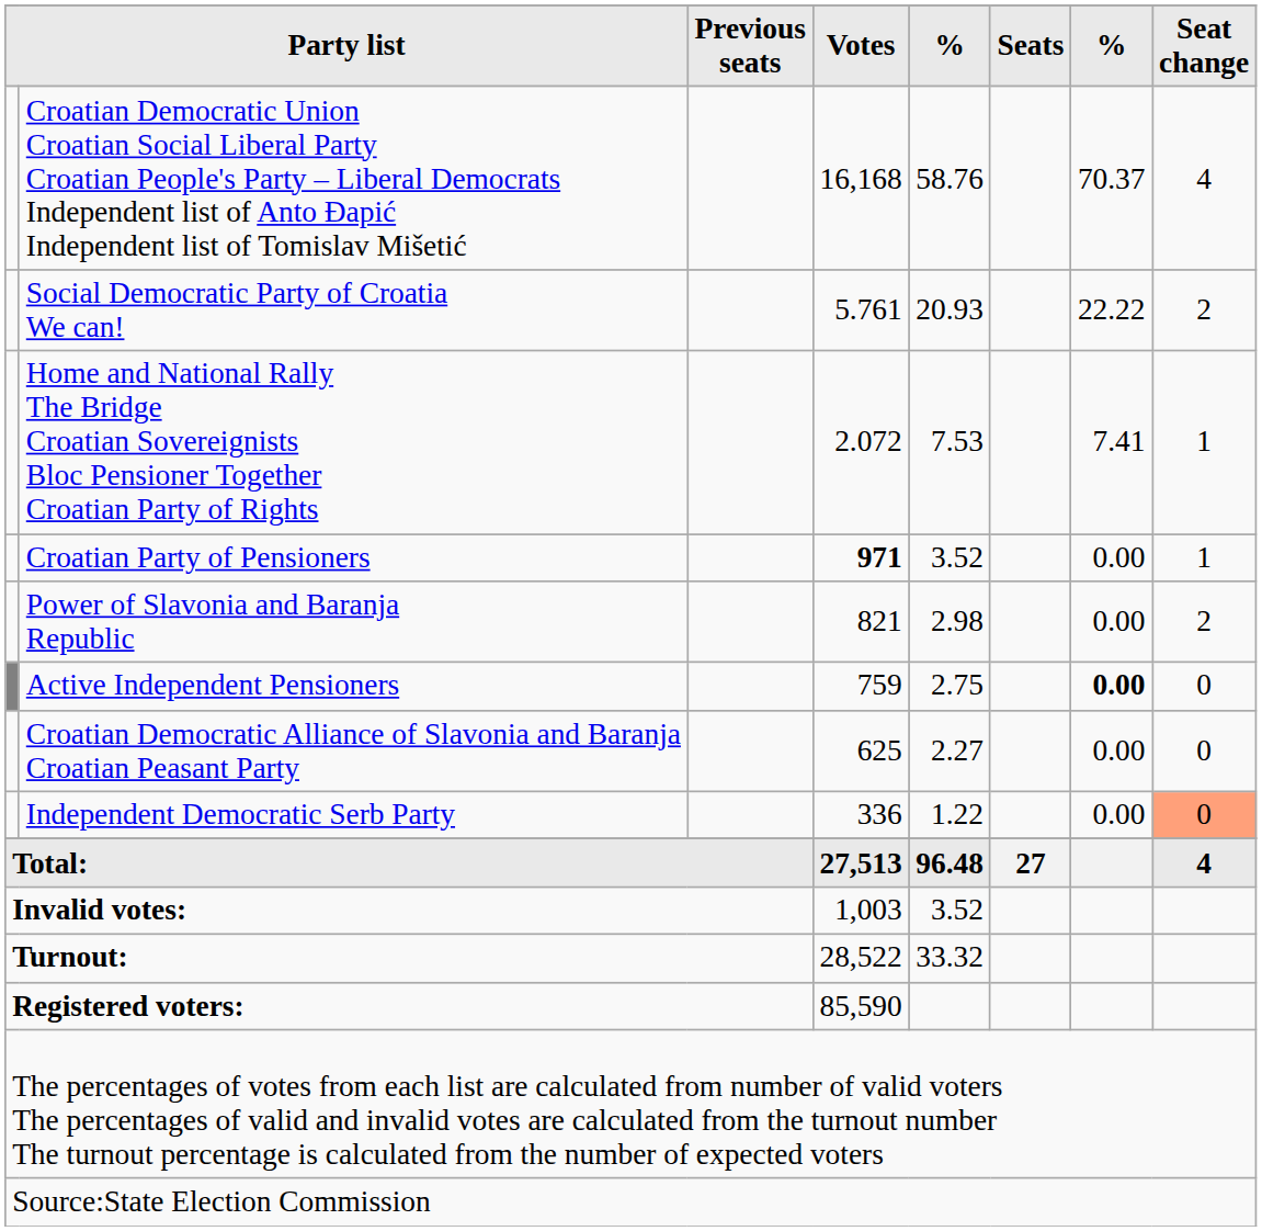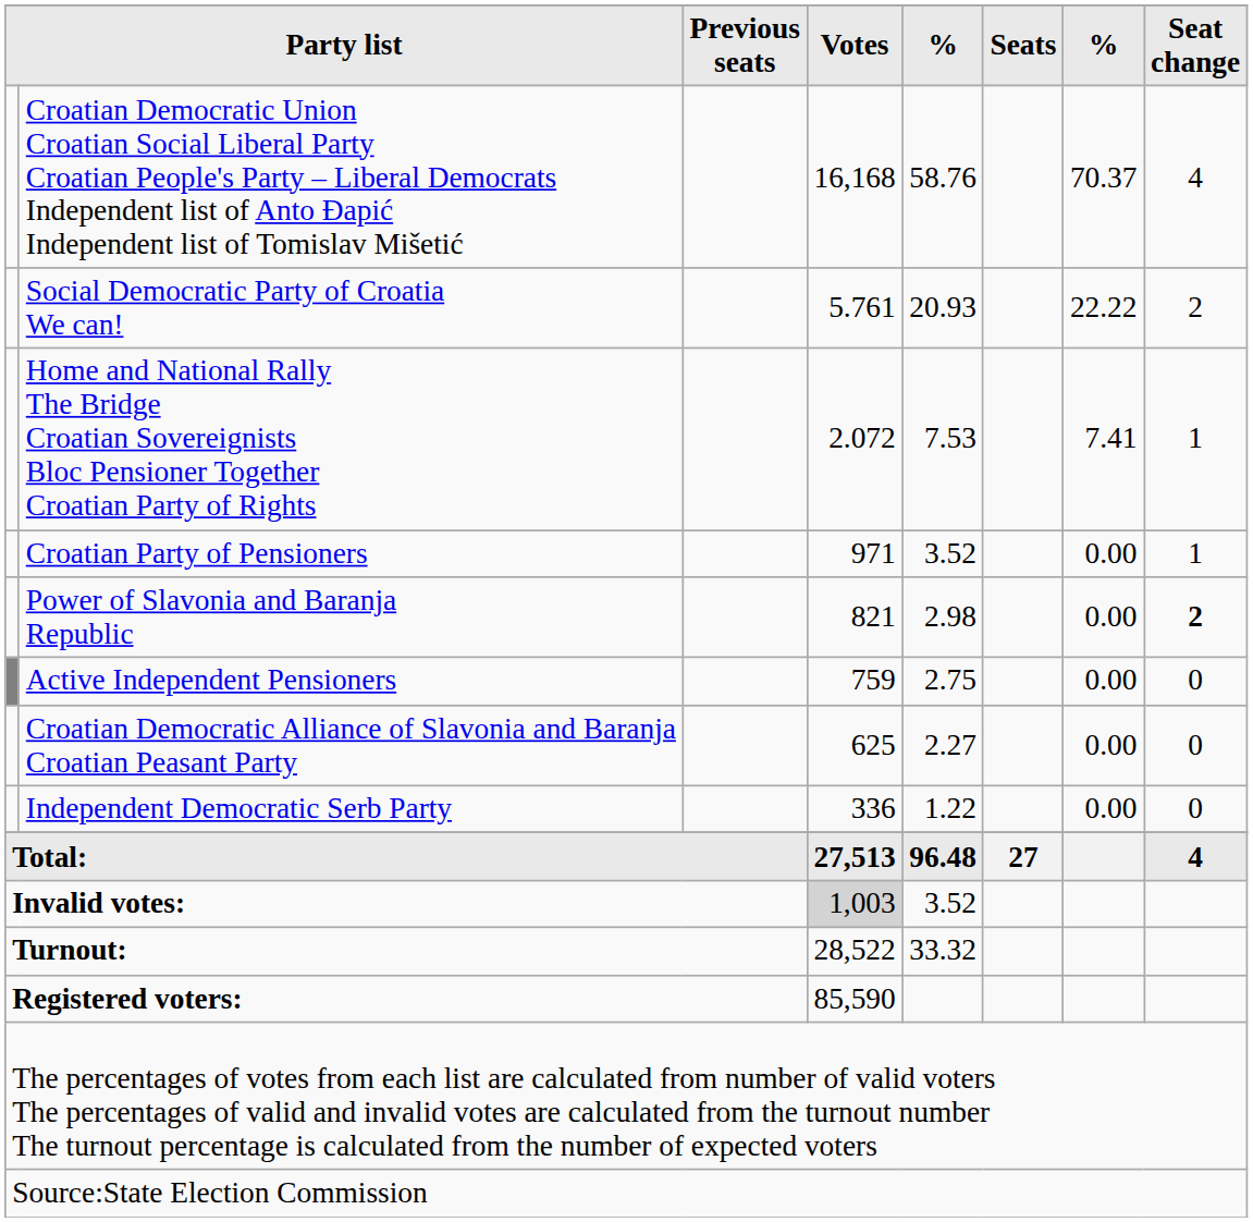 <table class="wikitable" border="1">
 <tr>
 </tr>
 <tr style="background-color:#C9C9C9">
 <th style="background-color:#E9E9E9" align= center colspan="2">Party list</th>
 <th style="background-color:#E9E9E9" align= center>Previous<br>seats</th>
 <th style="background-color:#E9E9E9" align= center>Votes</th>
 <th style="background-color:#E9E9E9" align= center>%</th>
 <th style="background-color:#E9E9E9" align= center>Seats</th>
 <th style="background-color:#E9E9E9" align= center>%</th>
 <th style="background-color:#E9E9E9" align= center>Seat<br>change</th>
 </tr>
 <tr>
 <td></td>
 <td align="left"><a href='#'>Croatian Democratic Union</a><br><a href='#'>Croatian Social Liberal Party</a><br><a href='#'>Croatian People's Party – Liberal Democrats</a><br>Independent list of <a href='#'>Anto Đapić</a><br>Independent list of Tomislav Mišetić</td>
 <td align="left"></td>
 <td align="right">16,168</td>
 <td align="right">58.76</td>
 <td align="left"></td>
 <td align="right">70.37</td>
 <td align="center"> 4</td>
 </tr>
 <tr>
 <td></td>
 <td align="left"><a href='#'>Social Democratic Party of Croatia</a><br><a href='#'>We can!</a></td>
 <td align="left"></td>
 <td align="right">5.761</td>
 <td align="right">20.93</td>
 <td align="left"></td>
 <td align="right">22.22</td>
 <td align="center"> 2</td>
 </tr>
 <tr>
 <td></td>
 <td align="left"><a href='#'>Home and National Rally</a><br><a href='#'>The Bridge</a><br><a href='#'>Croatian Sovereignists</a><br><a href='#'>Bloc Pensioner Together</a><br><a href='#'>Croatian Party of Rights</a></td>
 <td align="left"></td>
 <td align="right">2.072</td>
 <td align="right">7.53</td>
 <td align="left"></td>
 <td align="right">7.41</td>
 <td align="center"> 1</td>
 </tr>
 <tr>
 <td></td>
 <td align="left"><a href='#'>Croatian Party of Pensioners</a></td>
 <td align="left"></td>
-<td align="right"><strong>971</strong></td>
+<td align="right">971</td>
 <td align="right">3.52</td>
 <td align="left"></td>
 <td align="right">0.00</td>
 <td align="center"> 1</td>
 </tr>
 <tr>
 <td></td>
 <td align="left"><a href='#'>Power of Slavonia and Baranja</a><br><a href='#'>Republic</a></td>
 <td align="left"></td>
 <td align="right">821</td>
 <td align="right">2.98</td>
 <td align="left"></td>
 <td align="right">0.00</td>
-<td align="center"> 2</td>
+<td align="center"><strong> 2</strong></td>
 </tr>
 <tr>
 <td bgcolor="grey"></td>
 <td align="left"><a href='#'>Active Independent Pensioners</a></td>
 <td align="left"></td>
 <td align="right">759</td>
 <td align="right">2.75</td>
 <td align="left"></td>
-<td align="right"><strong>0.00</strong></td>
+<td align="right">0.00</td>
 <td align="center"> 0</td>
 </tr>
 <tr>
 <td></td>
 <td align="left"><a href='#'>Croatian Democratic Alliance of Slavonia and Baranja</a><br><a href='#'>Croatian Peasant Party</a></td>
 <td align="left"></td>
 <td align="right">625</td>
 <td align="right">2.27</td>
 <td align="left"></td>
 <td align="right">0.00</td>
 <td align="center"> 0</td>
 </tr>
 <tr>
 <td></td>
 <td align="left"><a href='#'>Independent Democratic Serb Party</a></td>
 <td align="left"></td>
 <td align="right">336</td>
 <td align="right">1.22</td>
 <td align="left"></td>
 <td align="right">0.00</td>
-<td align="center" style="background: lightsalmon;"> 0</td>
+<td align="center"> 0</td>
 </tr>
 <tr>
 </tr>
 <tr style="background-color:#E9E9E9">
 <td colspan="3" align="left"><strong>Total:</strong></td>
 <td align="right"><strong>27,513</strong></td>
 <td align="right"><strong>96.48</strong></td>
 <th align="right">27</th>
 <th align="right"></th>
 <td align="center"><strong> 4</strong></td>
 </tr>
 <tr>
 <td colspan="3" align="left"><strong>Invalid votes:</strong></td>
-<td align="right">1,003</td>
+<td align="right" style="background: lightgrey;">1,003</td>
 <td align="right">3.52</td>
 <td align="right"></td>
 <td align="right"></td>
 <td></td>
 </tr>
 <tr>
 <td colspan="3" align="left"><strong>Turnout:</strong></td>
 <td align="right">28,522</td>
 <td align="right">33.32</td>
 <td align="right"></td>
 <td align="right"></td>
 <td></td>
 </tr>
 <tr>
 <td colspan="3" align="left"><strong>Registered voters:</strong></td>
 <td align="right">85,590</td>
 <td align="right"></td>
 <td align="right"></td>
 <td align="right"></td>
 <td></td>
 </tr>
 <tr>
 <td colspan="8" align="left"><br>The percentages of votes from each list are calculated from number of valid voters<br> The percentages of valid and invalid votes are calculated from the turnout number<br> The turnout percentage is calculated from the number of expected voters</td>
 </tr>
 <tr>
 <td colspan="8" align="left">Source:State Election Commission</td>
 </tr>
 </table>
